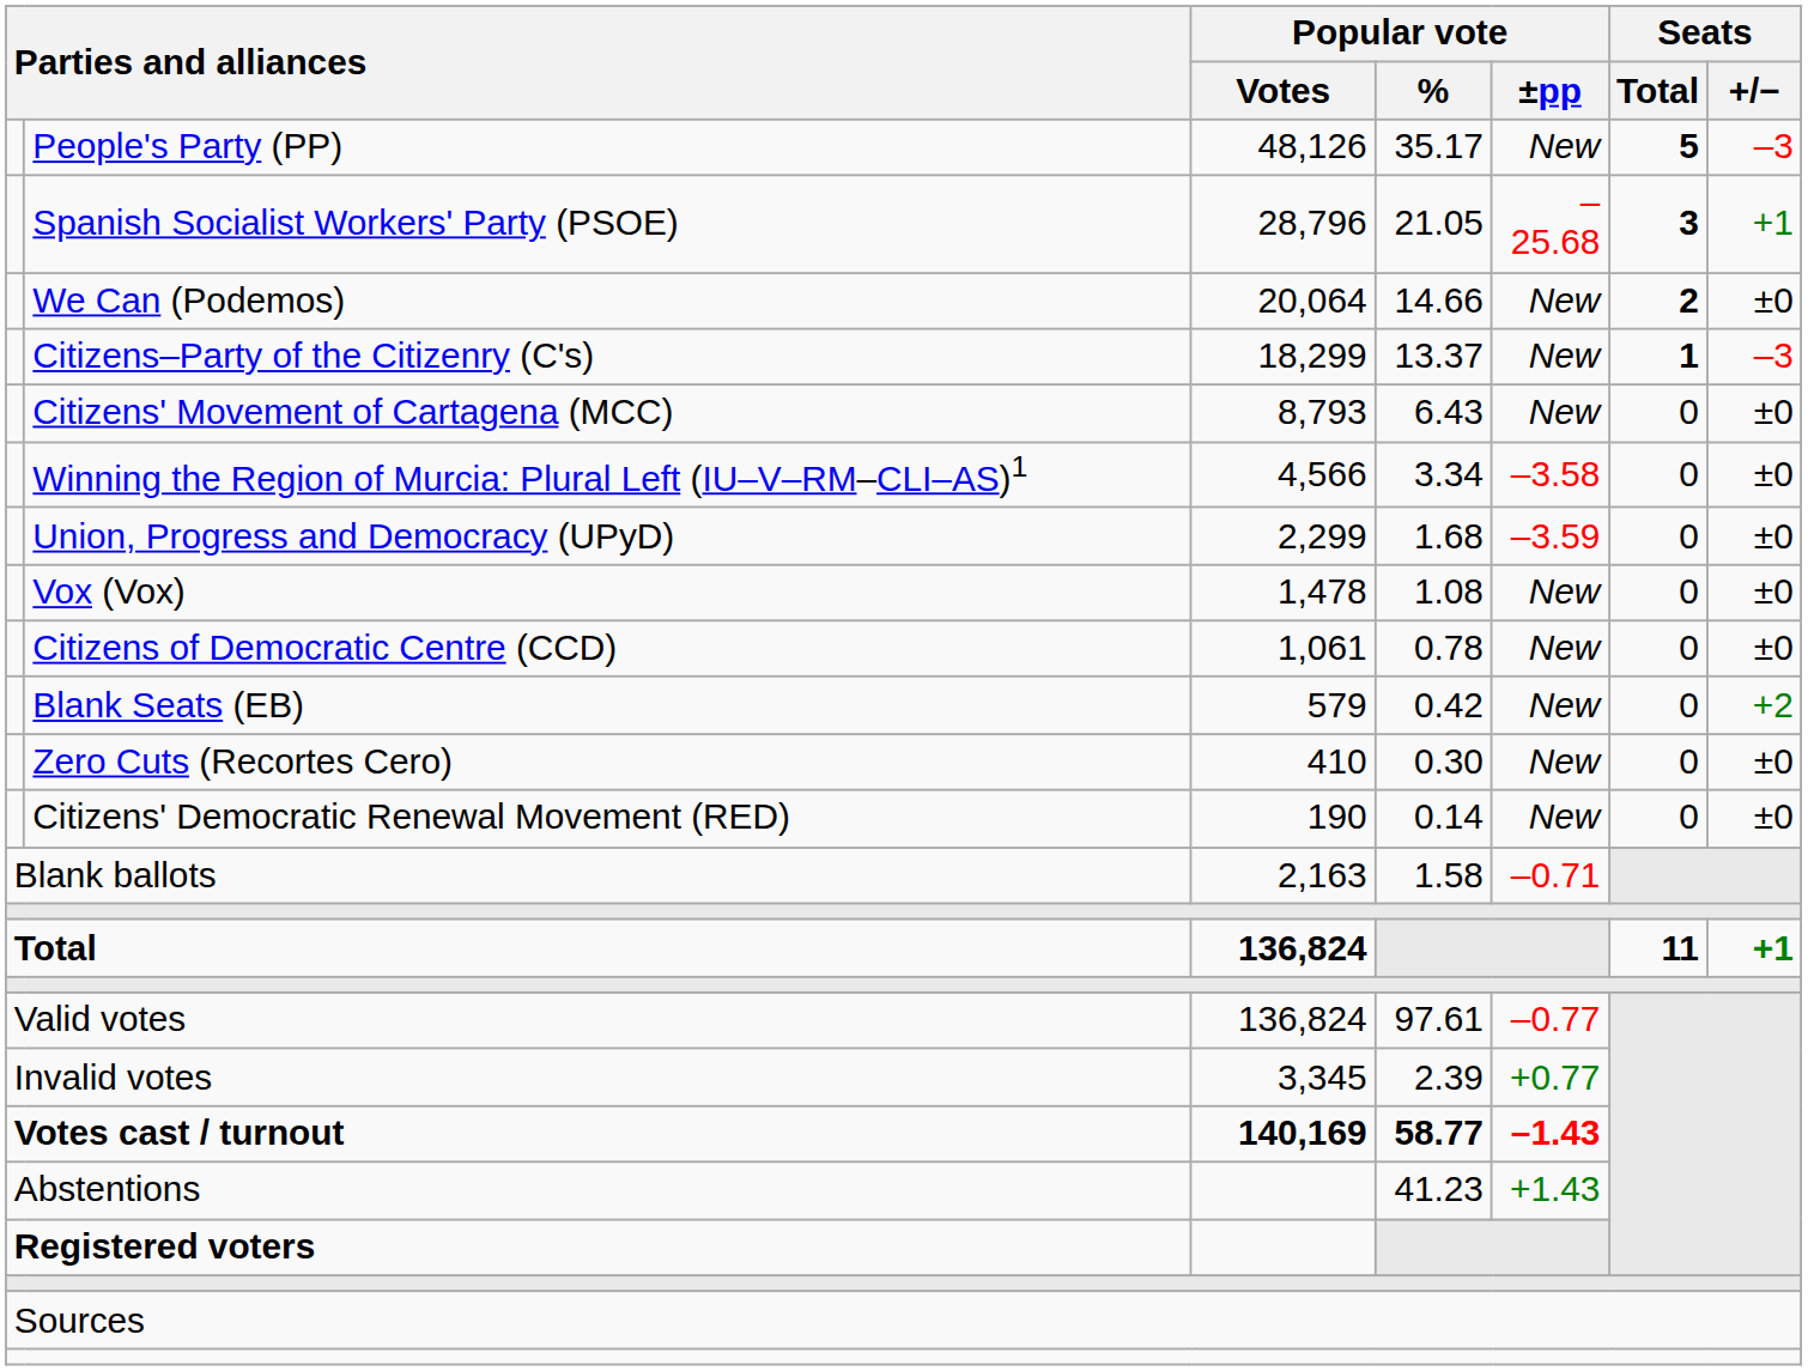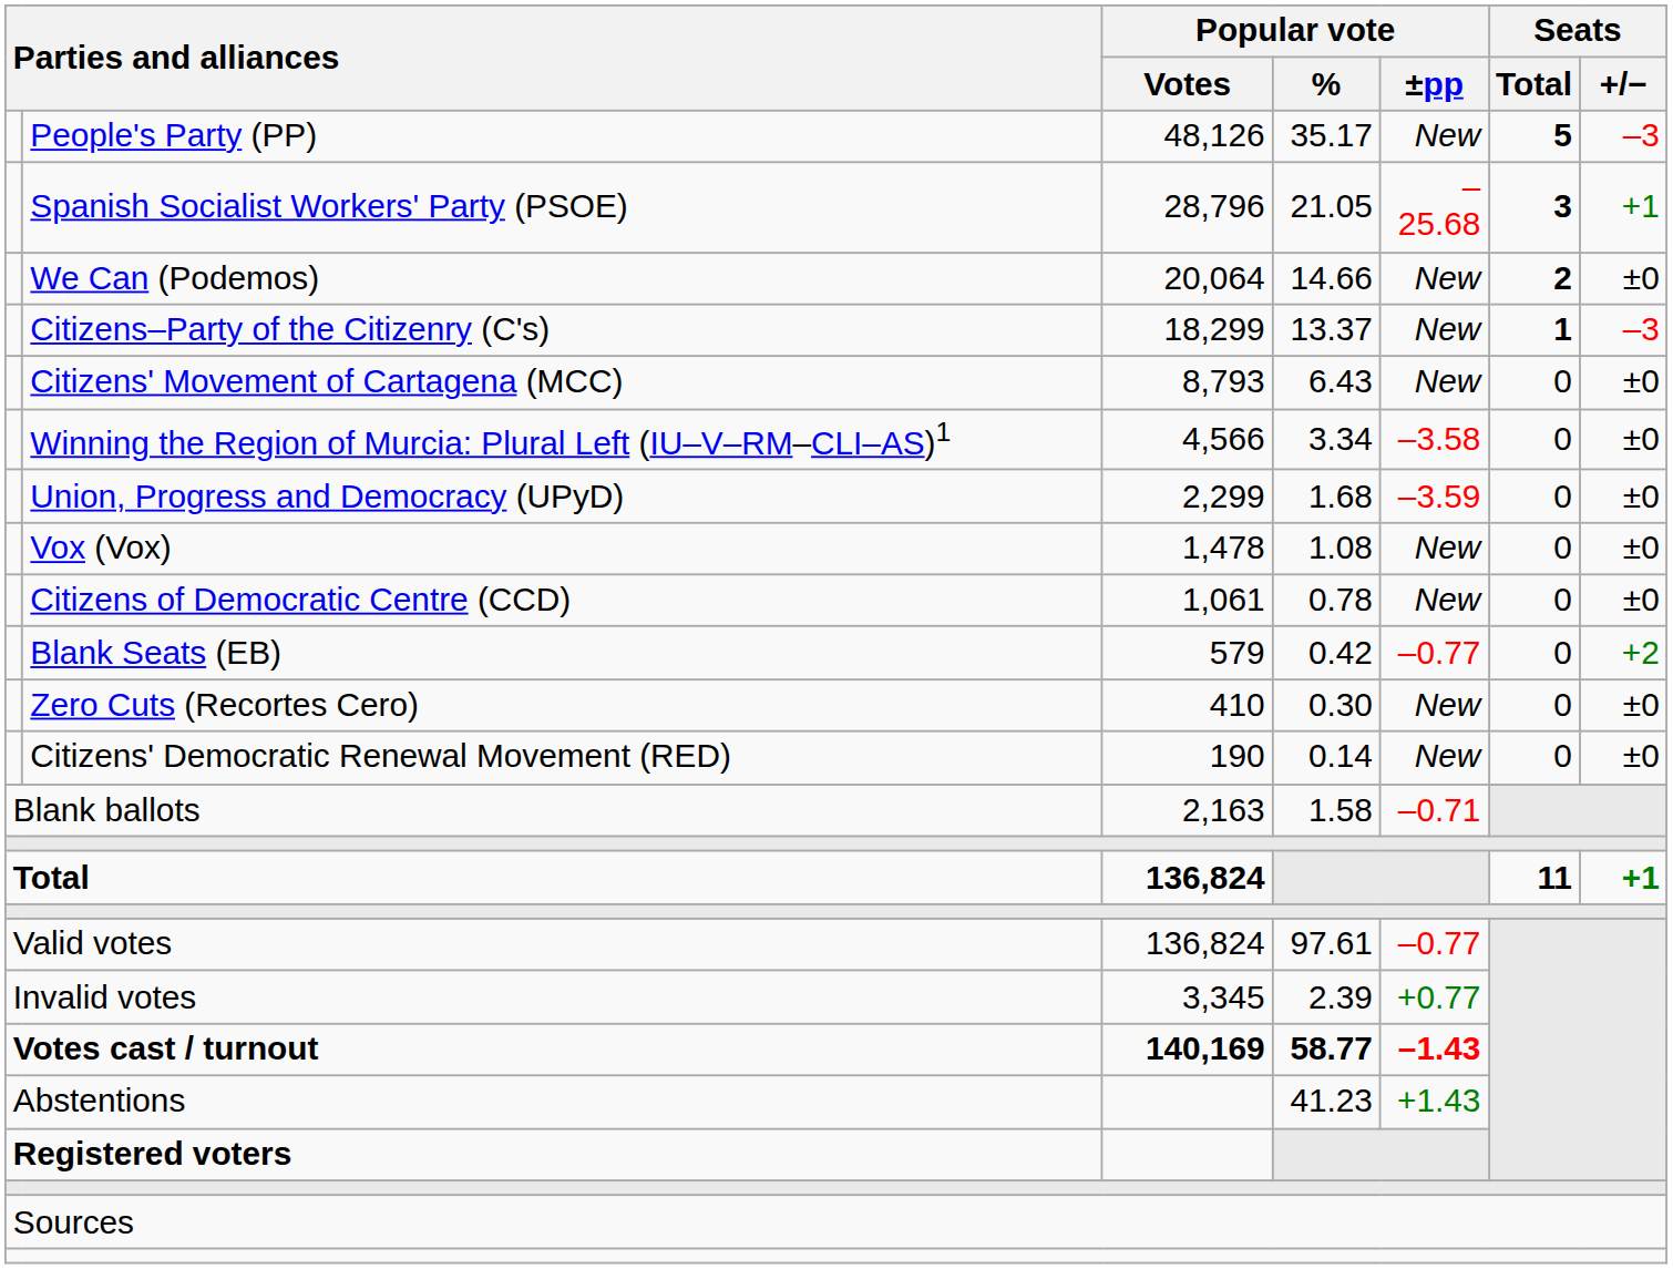 <table class="wikitable" style="text-align:right;">
 <tr>
 <th style="text-align:left;" rowspan="2" colspan="2" width="525">Parties and alliances</th>
 <th colspan="3">Popular vote</th>
 <th colspan="2">Seats</th>
 </tr>
 <tr>
 <th width="75">Votes</th>
 <th width="45">%</th>
 <th width="45">±<a href='#'>pp</a></th>
 <th width="35">Total</th>
 <th width="35">+/−</th>
 </tr>
 <tr>
 <td width="1" style="color:inherit;background:"></td>
 <td align="left"><a href='#'>People's Party</a> (PP)</td>
 <td>48,126</td>
 <td>35.17</td>
 <td><em>New</em></td>
 <td><strong>5</strong></td>
 <td style="color:red;">–3</td>
 </tr>
 <tr>
 <td style="color:inherit;background:"></td>
 <td align="left"><a href='#'>Spanish Socialist Workers' Party</a> (PSOE)</td>
 <td>28,796</td>
 <td>21.05</td>
 <td style="color:red;">–25.68</td>
 <td><strong>3</strong></td>
 <td style="color:green;">+1</td>
 </tr>
 <tr>
 <td style="color:inherit;background:"></td>
 <td align="left"><a href='#'>We Can</a> (Podemos)</td>
 <td>20,064</td>
 <td>14.66</td>
 <td><em>New</em></td>
 <td><strong>2</strong></td>
 <td>±0</td>
 </tr>
 <tr>
 <td style="color:inherit;background:"></td>
 <td align="left"><a href='#'>Citizens–Party of the Citizenry</a> (C's)</td>
 <td>18,299</td>
 <td>13.37</td>
 <td><em>New</em></td>
 <td><strong>1</strong></td>
 <td style="color:red;">–3</td>
 </tr>
 <tr>
 <td style="color:inherit;background:"></td>
 <td align="left"><a href='#'>Citizens' Movement of Cartagena</a> (MCC)</td>
 <td>8,793</td>
 <td>6.43</td>
 <td><em>New</em></td>
 <td>0</td>
 <td>±0</td>
 </tr>
 <tr>
 <td style="color:inherit;background:"></td>
 <td align="left"><a href='#'>Winning the Region of Murcia: Plural Left</a> (<a href='#'>IU–V–RM</a>–<a href='#'>CLI–AS</a>)<sup>1</sup></td>
 <td>4,566</td>
 <td>3.34</td>
 <td style="color:red;">–3.58</td>
 <td>0</td>
 <td>±0</td>
 </tr>
 <tr>
 <td style="color:inherit;background:"></td>
 <td align="left"><a href='#'>Union, Progress and Democracy</a> (UPyD)</td>
 <td>2,299</td>
 <td>1.68</td>
 <td style="color:red;">–3.59</td>
 <td>0</td>
 <td>±0</td>
 </tr>
 <tr>
 <td style="color:inherit;background:"></td>
 <td align="left"><a href='#'>Vox</a> (Vox)</td>
 <td>1,478</td>
 <td>1.08</td>
 <td><em>New</em></td>
 <td>0</td>
 <td>±0</td>
 </tr>
 <tr>
 <td style="color:inherit;background:"></td>
 <td align="left"><a href='#'>Citizens of Democratic Centre</a> (CCD)</td>
 <td>1,061</td>
 <td>0.78</td>
 <td><em>New</em></td>
 <td>0</td>
 <td>±0</td>
 </tr>
 <tr>
 <td style="color:inherit;background:"></td>
 <td align="left"><a href='#'>Blank Seats</a> (EB)</td>
 <td>579</td>
 <td>0.42</td>
-<td><em>New</em></td>
+<td style="color:red;">–0.77</td>
 <td>0</td>
 <td style="color:green;">+2</td>
 </tr>
 <tr>
 <td style="color:inherit;background:"></td>
 <td align="left"><a href='#'>Zero Cuts</a> (Recortes Cero)</td>
 <td>410</td>
 <td>0.30</td>
 <td><em>New</em></td>
 <td>0</td>
 <td>±0</td>
 </tr>
 <tr>
 <td style="color:inherit;background:"></td>
 <td align="left">Citizens' Democratic Renewal Movement (RED)</td>
 <td>190</td>
 <td>0.14</td>
 <td><em>New</em></td>
 <td>0</td>
 <td>±0</td>
 </tr>
 <tr>
 <td align="left" colspan="2">Blank ballots</td>
 <td>2,163</td>
 <td>1.58</td>
 <td style="color:red;">–0.71</td>
 <td bgcolor="#E9E9E9" colspan="2"></td>
 </tr>
 <tr>
 <td colspan="7" bgcolor="#E9E9E9"></td>
 </tr>
 <tr style="font-weight:bold;">
 <td align="left" colspan="2">Total</td>
 <td>136,824</td>
 <td bgcolor="#E9E9E9" colspan="2"></td>
 <td>11</td>
 <td style="color:green;">+1</td>
 </tr>
 <tr>
 <td colspan="7" bgcolor="#E9E9E9"></td>
 </tr>
 <tr>
 <td align="left" colspan="2">Valid votes</td>
 <td>136,824</td>
 <td>97.61</td>
 <td style="color:red;">–0.77</td>
 <td bgcolor="#E9E9E9" colspan="2" rowspan="5"></td>
 </tr>
 <tr>
 <td align="left" colspan="2">Invalid votes</td>
 <td>3,345</td>
 <td>2.39</td>
 <td style="color:green;">+0.77</td>
 </tr>
 <tr style="font-weight:bold;">
 <td align="left" colspan="2">Votes cast / turnout</td>
 <td>140,169</td>
 <td>58.77</td>
 <td style="color:red;">–1.43</td>
 </tr>
 <tr>
 <td align="left" colspan="2">Abstentions</td>
 <td></td>
 <td>41.23</td>
 <td style="color:green;">+1.43</td>
 </tr>
 <tr style="font-weight:bold;">
 <td align="left" colspan="2">Registered voters</td>
 <td></td>
 <td bgcolor="#E9E9E9" colspan="2"></td>
 </tr>
 <tr>
 <td colspan="7" bgcolor="#E9E9E9"></td>
 </tr>
 <tr>
 <td align="left" colspan="7">Sources</td>
 </tr>
 <tr>
 <td colspan="7" style="text-align:left; max-width:790px;"></td>
 </tr>
 </table>
